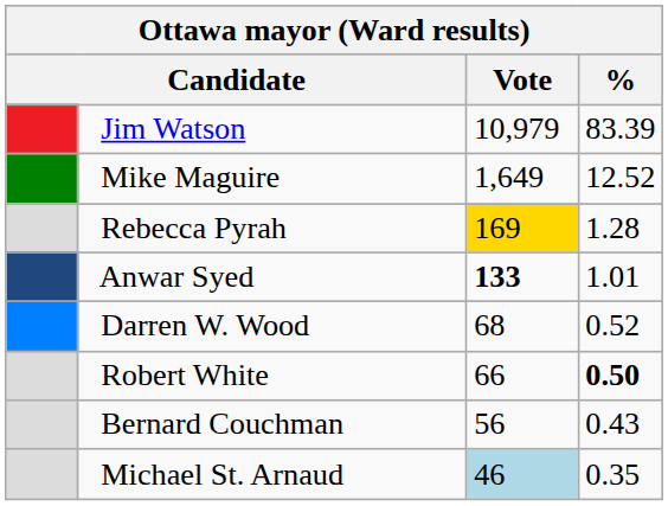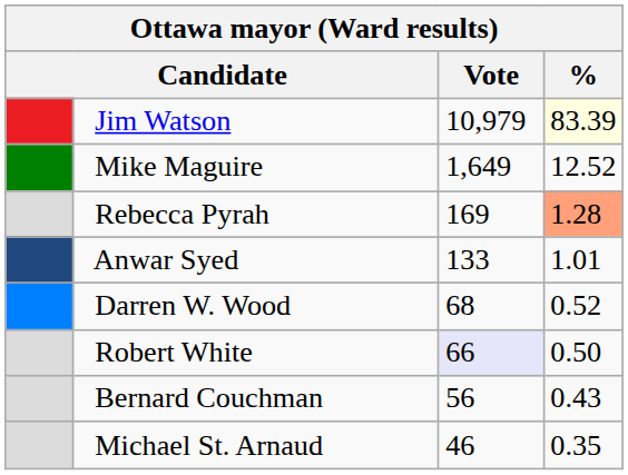 <table class="wikitable">
 <tr>
 <th colspan="4">Ottawa mayor (Ward results)</th>
 </tr>
 <tr>
 <th bgcolor="#DDDDFF" width="230px" colspan="2">Candidate</th>
 <th bgcolor="#DDDDFF" width="50px">Vote</th>
 <th bgcolor="#DDDDFF" width="30px">%</th>
 </tr>
 <tr>
 <td bgcolor=#ED1D24 width="30px"> </td>
 <td>  <a href='#'>Jim Watson</a></td>
 <td>10,979</td>
-<td>83.39</td>
+<td style="background: lightyellow;">83.39</td>
 </tr>
 <tr>
 <td bgcolor=#008000 width="30px"> </td>
 <td>  Mike Maguire</td>
 <td>1,649</td>
 <td>12.52</td>
 </tr>
 <tr>
 <td bgcolor=#DCDCDC width="30px"> </td>
 <td>  Rebecca Pyrah</td>
-<td style="background: gold;">169</td>
-<td>1.28</td>
+<td>169</td>
+<td style="background: lightsalmon;">1.28</td>
 </tr>
 <tr>
 <td bgcolor=#20487E width="30px"> </td>
 <td>  Anwar Syed</td>
-<td><strong>133</strong></td>
+<td>133</td>
 <td>1.01</td>
 </tr>
 <tr>
 <td bgcolor=#007FFF width="30px"> </td>
 <td>  Darren W. Wood</td>
 <td>68</td>
 <td>0.52</td>
 </tr>
 <tr>
 <td bgcolor=#DCDCDC width="30px"> </td>
 <td>  Robert White</td>
-<td>66</td>
-<td><strong>0.50</strong></td>
+<td style="background: lavender;">66</td>
+<td>0.50</td>
 </tr>
 <tr>
 <td bgcolor=#DCDCDC width="30px"> </td>
 <td>  Bernard Couchman</td>
 <td>56</td>
 <td>0.43</td>
 </tr>
 <tr>
 <td bgcolor=#DCDCDC width="30px"> </td>
 <td>  Michael St. Arnaud</td>
-<td style="background: lightblue;">46</td>
+<td>46</td>
 <td>0.35</td>
 </tr>
 </table>
